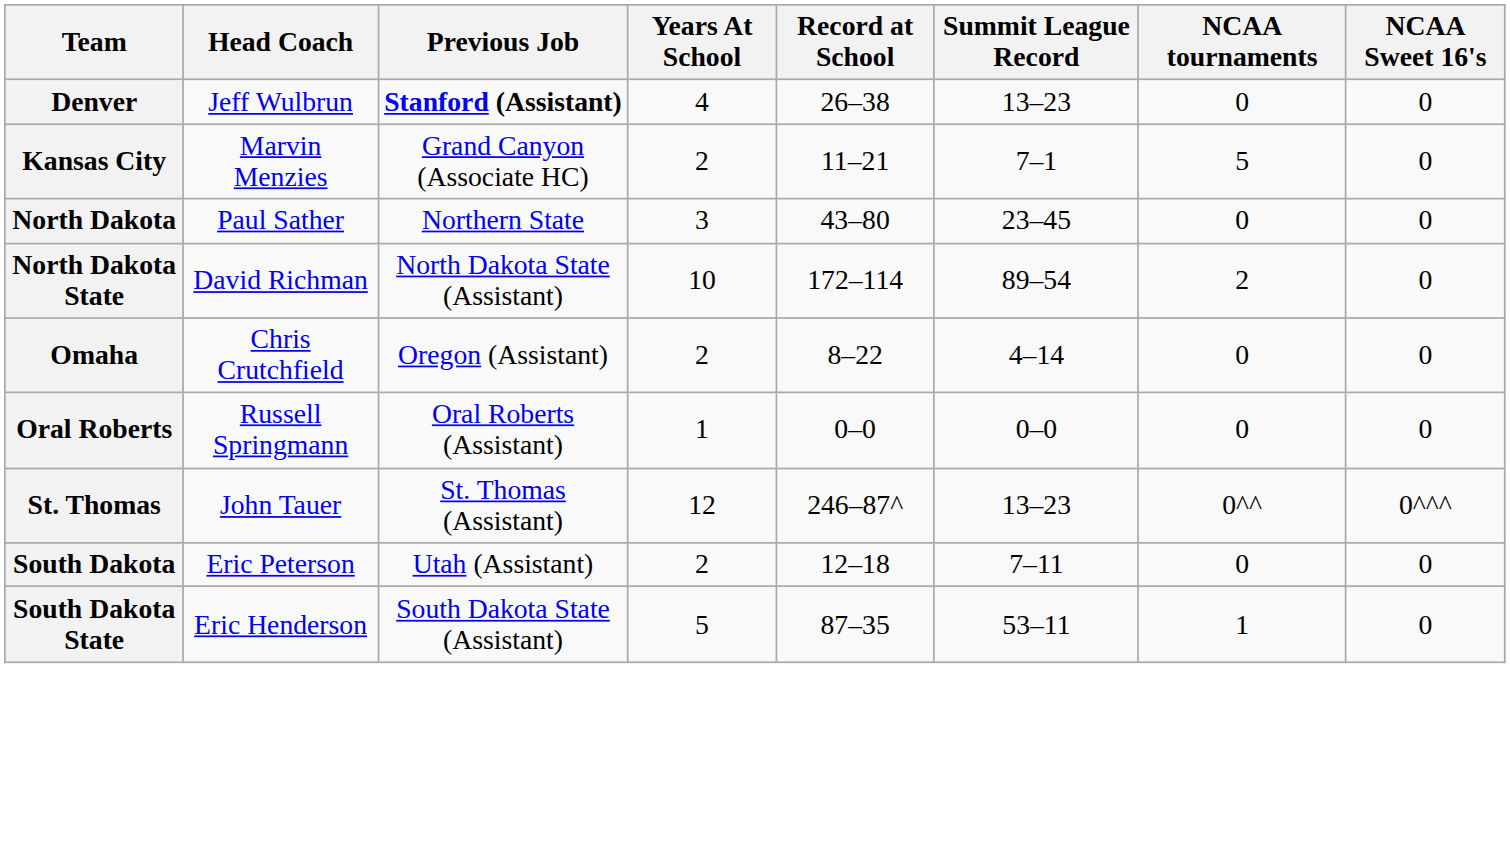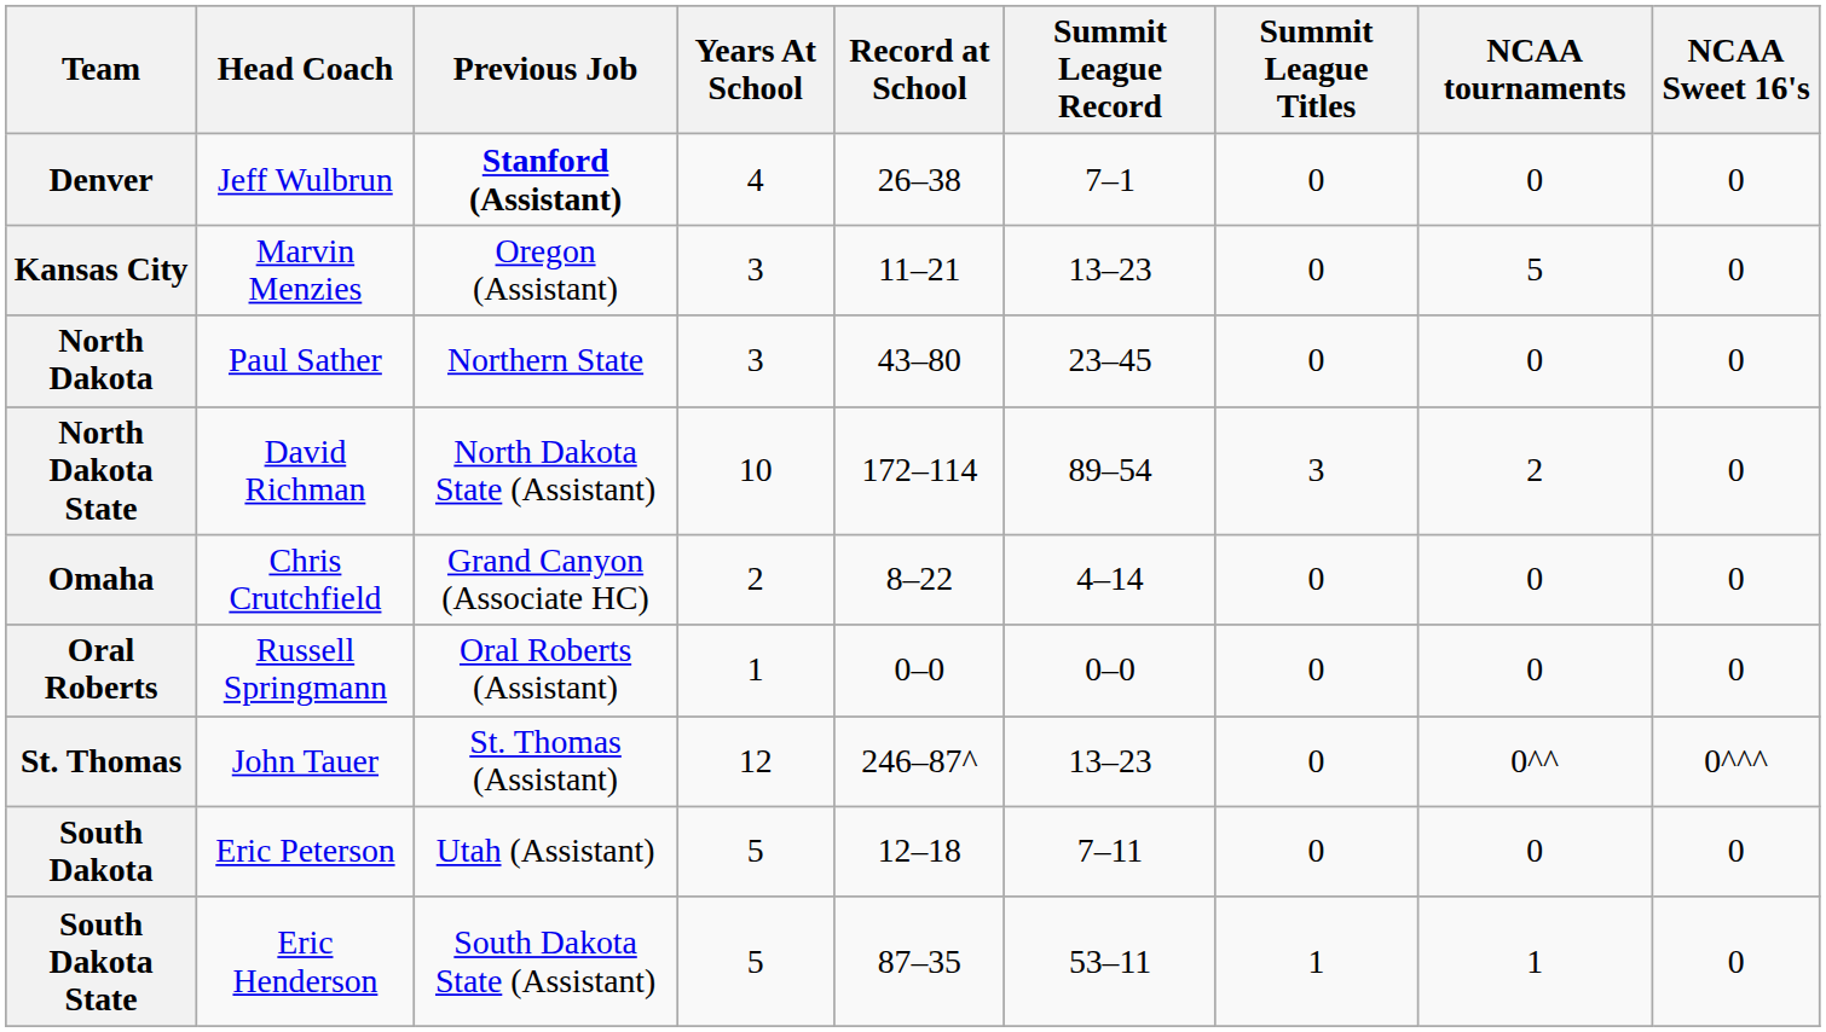 <table class="wikitable sortable" style="text-align:center">
 <tr>
 <th>Team</th>
 <th>Head Coach</th>
 <th>Previous Job</th>
 <th>Years At School</th>
 <th>Record at School</th>
 <th>Summit League Record</th>
+<th>Summit League Titles</th>
 <th>NCAA tournaments</th>
 <th>NCAA Sweet 16's</th>
 </tr>
 <tr>
 <th>Denver</th>
 <td><a href='#'>Jeff Wulbrun</a></td>
 <td><strong><a href='#'>Stanford</a> (Assistant)</strong></td>
 <td>4</td>
 <td>26–38</td>
-<td>13–23</td>
+<td>7–1</td>
+<td>0</td>
 <td>0</td>
 <td>0</td>
 </tr>
 <tr>
 <th>Kansas City</th>
 <td><a href='#'>Marvin Menzies</a></td>
-<td><a href='#'>Grand Canyon</a> (Associate HC)</td>
-<td>2</td>
+<td><a href='#'>Oregon</a> (Assistant)</td>
+<td>3</td>
 <td>11–21</td>
-<td>7–1</td>
+<td>13–23</td>
+<td>0</td>
 <td>5</td>
 <td>0</td>
 </tr>
 <tr>
 <th>North Dakota</th>
 <td><a href='#'>Paul Sather</a></td>
 <td><a href='#'>Northern State</a></td>
 <td>3</td>
 <td>43–80</td>
 <td>23–45</td>
 <td>0</td>
 <td>0</td>
+<td>0</td>
 </tr>
 <tr>
 <th>North Dakota State</th>
 <td><a href='#'>David Richman</a></td>
 <td><a href='#'>North Dakota State</a> (Assistant)</td>
 <td>10</td>
 <td>172–114</td>
 <td>89–54</td>
+<td>3</td>
 <td>2</td>
 <td>0</td>
 </tr>
 <tr>
 <th>Omaha</th>
 <td><a href='#'>Chris Crutchfield</a></td>
-<td><a href='#'>Oregon</a> (Assistant)</td>
+<td><a href='#'>Grand Canyon</a> (Associate HC)</td>
 <td>2</td>
 <td>8–22</td>
 <td>4–14</td>
+<td>0</td>
 <td>0</td>
 <td>0</td>
 </tr>
 <tr>
 <th>Oral Roberts</th>
 <td><a href='#'>Russell Springmann</a></td>
 <td><a href='#'>Oral Roberts</a> (Assistant)</td>
 <td>1</td>
 <td>0–0</td>
 <td>0–0</td>
 <td>0</td>
 <td>0</td>
+<td>0</td>
 </tr>
 <tr>
 <th>St. Thomas</th>
 <td><a href='#'>John Tauer</a></td>
 <td><a href='#'>St. Thomas</a> (Assistant)</td>
 <td>12</td>
 <td>246–87^</td>
 <td>13–23</td>
+<td>0</td>
 <td>0^^</td>
 <td>0^^^</td>
 </tr>
 <tr>
 <th>South Dakota</th>
 <td><a href='#'>Eric Peterson</a></td>
 <td><a href='#'>Utah</a> (Assistant)</td>
-<td>2</td>
+<td>5</td>
 <td>12–18</td>
 <td>7–11</td>
+<td>0</td>
 <td>0</td>
 <td>0</td>
 </tr>
 <tr>
 <th>South Dakota State</th>
 <td><a href='#'>Eric Henderson</a></td>
 <td><a href='#'>South Dakota State</a> (Assistant)</td>
 <td>5</td>
 <td>87–35</td>
 <td>53–11</td>
 <td>1</td>
+<td>1</td>
 <td>0</td>
 </tr>
 </table>
